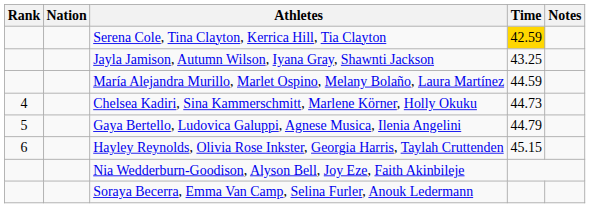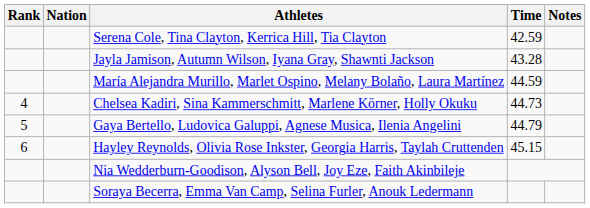 <table class="wikitable sortable" style="text-align:center">
 <tr>
 <th>Rank</th>
 <th>Nation</th>
 <th>Athletes</th>
 <th>Time</th>
 <th>Notes</th>
 </tr>
 <tr>
 <td></td>
 <td align=left></td>
 <td align=left><a href='#'>Serena Cole</a>, <a href='#'>Tina Clayton</a>, <a href='#'>Kerrica Hill</a>, <a href='#'>Tia Clayton</a></td>
-<td style="background: gold;">42.59</td>
+<td>42.59</td>
 <td></td>
 </tr>
 <tr>
 <td></td>
 <td align=left></td>
 <td align=left><a href='#'>Jayla Jamison</a>, <a href='#'>Autumn Wilson</a>, <a href='#'>Iyana Gray</a>, <a href='#'>Shawnti Jackson</a></td>
-<td>43.25</td>
+<td>43.28</td>
 <td></td>
 </tr>
 <tr>
 <td></td>
 <td align=left></td>
 <td align=left><a href='#'>María Alejandra Murillo</a>, <a href='#'>Marlet Ospino</a>, <a href='#'>Melany Bolaño</a>, <a href='#'>Laura Martínez</a></td>
 <td>44.59</td>
 <td></td>
 </tr>
 <tr>
 <td>4</td>
 <td align=left></td>
 <td align=left><a href='#'>Chelsea Kadiri</a>, <a href='#'>Sina Kammerschmitt</a>, <a href='#'>Marlene Körner</a>, <a href='#'>Holly Okuku</a></td>
 <td>44.73</td>
 <td></td>
 </tr>
 <tr>
 <td>5</td>
 <td align=left></td>
 <td align=left><a href='#'>Gaya Bertello</a>, <a href='#'>Ludovica Galuppi</a>, <a href='#'>Agnese Musica</a>, <a href='#'>Ilenia Angelini</a></td>
 <td>44.79</td>
 <td></td>
 </tr>
 <tr>
 <td>6</td>
 <td align=left></td>
 <td align=left><a href='#'>Hayley Reynolds</a>, <a href='#'>Olivia Rose Inkster</a>, <a href='#'>Georgia Harris</a>,  <a href='#'>Taylah Cruttenden</a></td>
 <td>45.15</td>
 <td></td>
 </tr>
 <tr>
 <td></td>
 <td align=left></td>
 <td align=left><a href='#'>Nia Wedderburn-Goodison</a>, <a href='#'>Alyson Bell</a>, <a href='#'>Joy Eze</a>, <a href='#'>Faith Akinbileje</a></td>
 <td colspan=2></td>
 </tr>
 <tr>
 <td></td>
 <td align=left></td>
 <td align=left><a href='#'>Soraya Becerra</a>, <a href='#'>Emma Van Camp</a>, <a href='#'>Selina Furler</a>, <a href='#'>Anouk Ledermann</a></td>
 <td></td>
 <td></td>
 </tr>
 </table>
